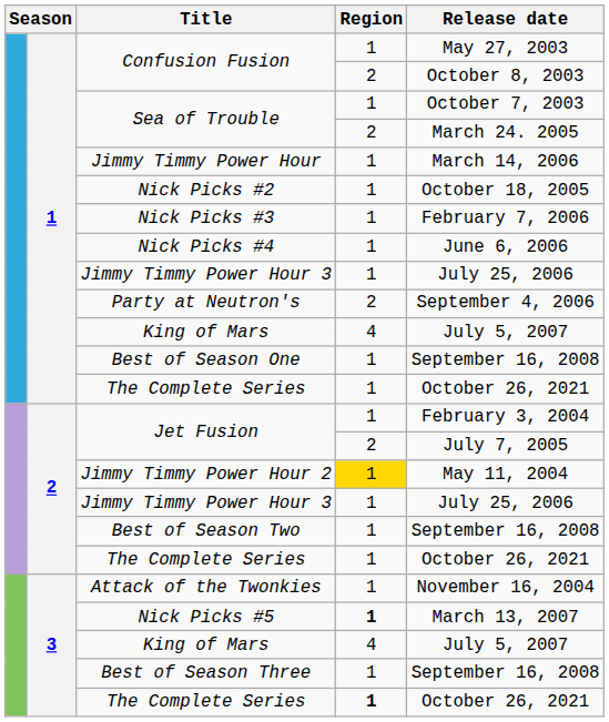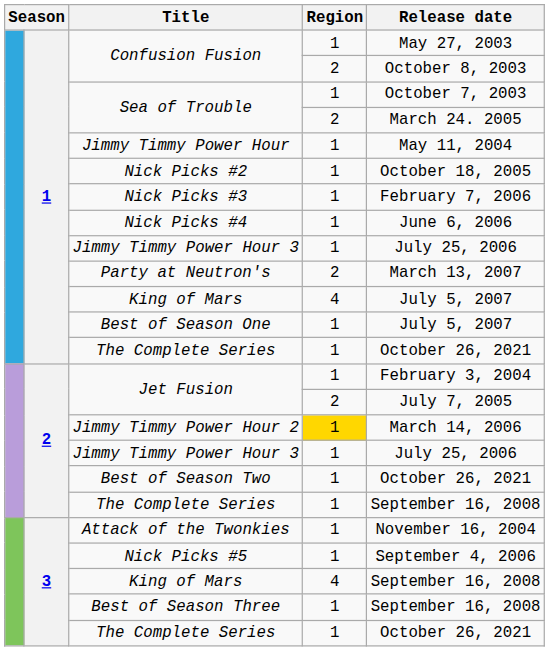 <table class="wikitable sortable" style="text-align: center">
 <tr>
 <th colspan=2>Season</th>
 <th>Title</th>
 <th>Region</th>
 <th>Release date</th>
 </tr>
 <tr>
 <th rowspan=13 style="background:#2fa8de"></th>
 <th rowspan=13><a href='#'>1</a></th>
 <td rowspan=2><em>Confusion Fusion</em></td>
 <td>1</td>
 <td>May 27, 2003</td>
 </tr>
 <tr>
 <td>2</td>
 <td>October 8, 2003</td>
 </tr>
 <tr>
 <td rowspan=2><em>Sea of Trouble</em></td>
 <td>1</td>
 <td>October 7, 2003</td>
 </tr>
 <tr>
 <td>2</td>
 <td>March 24. 2005</td>
 </tr>
 <tr>
 <td><em>Jimmy Timmy Power Hour</em></td>
 <td>1</td>
-<td>March 14, 2006</td>
+<td>May 11, 2004</td>
 </tr>
 <tr>
 <td><em>Nick Picks #2</em></td>
 <td>1</td>
 <td>October 18, 2005</td>
 </tr>
 <tr>
 <td><em>Nick Picks #3</em></td>
 <td>1</td>
 <td>February 7, 2006</td>
 </tr>
 <tr>
 <td><em>Nick Picks #4</em></td>
 <td>1</td>
 <td>June 6, 2006</td>
 </tr>
 <tr>
 <td><em>Jimmy Timmy Power Hour 3</em></td>
 <td>1</td>
 <td>July 25, 2006</td>
 </tr>
 <tr>
 <td><em>Party at Neutron's</em></td>
 <td>2</td>
-<td>September 4, 2006</td>
+<td>March 13, 2007</td>
 </tr>
 <tr>
 <td><em>King of Mars</em></td>
 <td>4</td>
 <td>July 5, 2007</td>
 </tr>
 <tr>
 <td><em>Best of Season One</em></td>
 <td>1</td>
-<td>September 16, 2008</td>
+<td>July 5, 2007</td>
 </tr>
 <tr>
 <td><em>The Complete Series</em></td>
 <td>1</td>
 <td>October 26, 2021</td>
 </tr>
 <tr>
 <th rowspan=6 style="background:#b99dda"></th>
 <th rowspan=6><a href='#'>2</a></th>
 <td rowspan=2><em>Jet Fusion</em></td>
 <td>1</td>
 <td>February 3, 2004</td>
 </tr>
 <tr>
 <td>2</td>
 <td>July 7, 2005</td>
 </tr>
 <tr>
 <td><em>Jimmy Timmy Power Hour 2</em></td>
 <td style="background: gold;">1</td>
-<td>May 11, 2004</td>
+<td>March 14, 2006</td>
 </tr>
 <tr>
 <td><em>Jimmy Timmy Power Hour 3</em></td>
 <td>1</td>
 <td>July 25, 2006</td>
 </tr>
 <tr>
 <td><em>Best of Season Two</em></td>
 <td>1</td>
-<td>September 16, 2008</td>
+<td>October 26, 2021</td>
 </tr>
 <tr>
 <td><em>The Complete Series</em></td>
 <td>1</td>
-<td>October 26, 2021</td>
+<td>September 16, 2008</td>
 </tr>
 <tr>
 <th rowspan=5 style="background:#7ec55b"></th>
 <th rowspan=5><a href='#'>3</a></th>
 <td><em>Attack of the Twonkies</em></td>
 <td>1</td>
 <td>November 16, 2004</td>
 </tr>
 <tr>
 <td><em>Nick Picks #5</em></td>
-<td><strong>1</strong></td>
-<td>March 13, 2007</td>
+<td>1</td>
+<td>September 4, 2006</td>
 </tr>
 <tr>
 <td><em>King of Mars</em></td>
 <td>4</td>
-<td>July 5, 2007</td>
+<td>September 16, 2008</td>
 </tr>
 <tr>
 <td><em>Best of Season Three</em></td>
 <td>1</td>
 <td>September 16, 2008</td>
 </tr>
 <tr>
 <td><em>The Complete Series</em></td>
-<td><strong>1</strong></td>
+<td>1</td>
 <td>October 26, 2021</td>
 </tr>
 </table>
